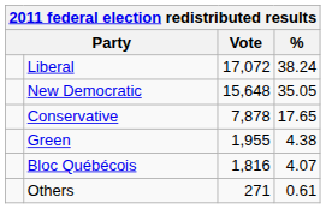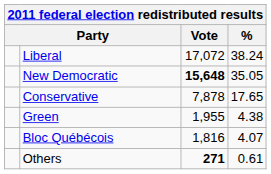 <table class="wikitable">
 <tr>
 <th colspan="4"><a href='#'>2011 federal election</a> redistributed results</th>
 </tr>
 <tr>
 <th bgcolor="#DDDDFF" width="130px" colspan="2">Party</th>
 <th bgcolor="#DDDDFF" width="50px">Vote</th>
 <th bgcolor="#DDDDFF" width="30px">%</th>
 </tr>
 <tr>
 <td> </td>
 <td><a href='#'>Liberal</a></td>
 <td align=right>17,072</td>
 <td align=right>38.24</td>
 </tr>
 <tr>
 <td> </td>
 <td><a href='#'>New Democratic</a></td>
-<td align=right>15,648</td>
+<td align=right><strong>15,648</strong></td>
 <td align=right>35.05</td>
 </tr>
 <tr>
 <td> </td>
 <td><a href='#'>Conservative</a></td>
 <td align=right>7,878</td>
 <td align=right>17.65</td>
 </tr>
 <tr>
 <td> </td>
 <td><a href='#'>Green</a></td>
 <td align=right>1,955</td>
 <td align=right>4.38</td>
 </tr>
 <tr>
 <td> </td>
 <td><a href='#'>Bloc Québécois</a></td>
 <td align=right>1,816</td>
 <td align=right>4.07</td>
 </tr>
 <tr>
 <td> </td>
 <td>Others</td>
-<td align=right>271</td>
+<td align=right><strong>271</strong></td>
 <td align=right>0.61</td>
 </tr>
 </table>
